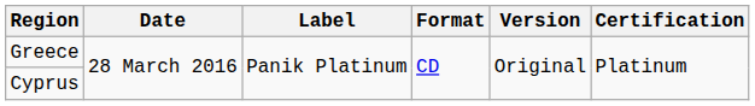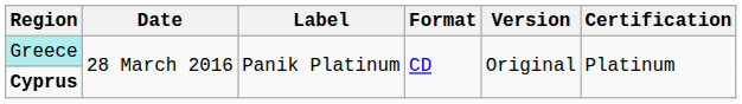 <table class="sortable wikitable">
 <tr>
 <th>Region</th>
 <th>Date</th>
 <th>Label</th>
 <th>Format</th>
 <th>Version</th>
 <th>Certification</th>
 </tr>
 <tr>
-<td>Greece</td>
+<td style="background: paleturquoise;">Greece</td>
 <td rowspan="2">28 March 2016</td>
 <td rowspan="2">Panik Platinum</td>
 <td rowspan="2"><a href='#'>CD</a></td>
 <td rowspan="2">Original</td>
 <td rowspan="2">Platinum</td>
 </tr>
 <tr>
-<td>Cyprus</td>
+<td><strong>Cyprus</strong></td>
 </tr>
 </table>
